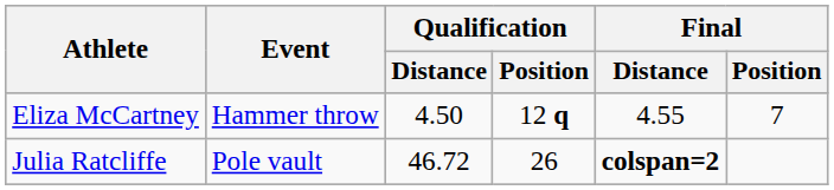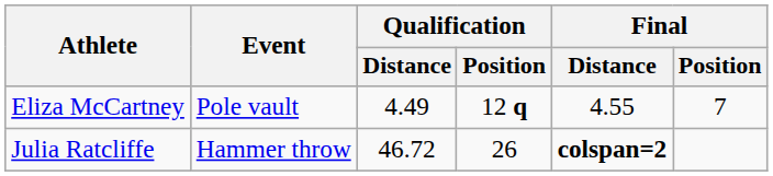 <table class=wikitable style=font-size:90%>
 <tr>
 <th rowspan=2>Athlete</th>
 <th rowspan=2>Event</th>
 <th colspan=2>Qualification</th>
 <th colspan=2>Final</th>
 </tr>
 <tr style=font-size:95%>
 <th>Distance</th>
 <th>Position</th>
 <th>Distance</th>
 <th>Position</th>
 </tr>
 <tr align=center>
 <td align=left><a href='#'>Eliza McCartney</a></td>
-<td align=left><a href='#'>Hammer throw</a></td>
-<td>4.50</td>
+<td align=left><a href='#'>Pole vault</a></td>
+<td>4.49</td>
 <td>12 <strong>q</strong></td>
 <td>4.55</td>
 <td>7</td>
 </tr>
 <tr align=center>
 <td align=left><a href='#'>Julia Ratcliffe</a></td>
-<td align=left><a href='#'>Pole vault</a></td>
+<td align=left><a href='#'>Hammer throw</a></td>
 <td>46.72</td>
 <td>26</td>
 <td><strong>colspan=2 </strong></td>
 </tr>
 </table>
